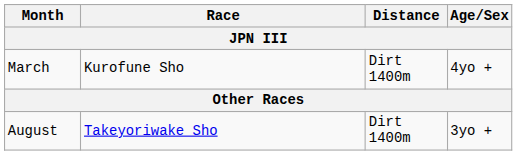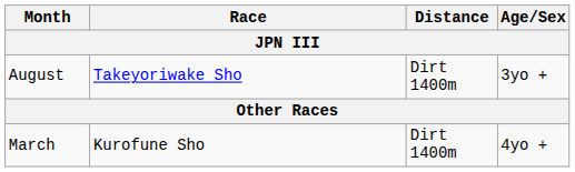 <table class=wikitable>
 <tr>
 <th style="width:65px"><strong>Month</strong></th>
 <th style="width:260px"><strong>Race</strong></th>
 <th style="width:70px"><strong>Distance</strong></th>
 <th><strong>Age/Sex</strong></th>
 </tr>
 <tr>
 <th colspan="4">JPN III</th>
 </tr>
 <tr>
+<td>August</td>
+<td><a href='#'>Takeyoriwake Sho</a></td>
+<td>Dirt 1400m</td>
+<td>3yo +</td>
+</tr>
+<tr>
+<th colspan="4">Other Races</th>
+</tr>
+<tr>
 <td>March</td>
 <td>Kurofune Sho</td>
 <td>Dirt 1400m</td>
 <td>4yo +</td>
 </tr>
-<tr>
-<th colspan="4">Other Races</th>
-</tr>
-<tr>
-<td>August</td>
-<td><a href='#'>Takeyoriwake Sho</a></td>
-<td>Dirt 1400m</td>
-<td>3yo +</td>
-</tr>
 </table>
